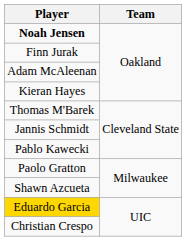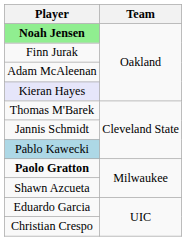 <table class="wikitable" style="text-align: center;">
 <tr>
 <th>Player</th>
 <th>Team</th>
 </tr>
 <tr>
-<td><strong>Noah Jensen</strong></td>
+<td style="background: lightgreen;"><strong>Noah Jensen</strong></td>
 <td rowspan=4>Oakland</td>
 </tr>
 <tr>
 <td>Finn Jurak</td>
 </tr>
 <tr>
 <td>Adam McAleenan</td>
 </tr>
 <tr>
-<td>Kieran Hayes</td>
+<td style="background: lavender;">Kieran Hayes</td>
 </tr>
 <tr>
 <td>Thomas M'Barek</td>
 <td rowspan=3>Cleveland State</td>
 </tr>
 <tr>
 <td>Jannis Schmidt</td>
 </tr>
 <tr>
-<td>Pablo Kawecki</td>
+<td style="background: lightblue;">Pablo Kawecki</td>
 </tr>
 <tr>
-<td>Paolo Gratton</td>
+<td><strong>Paolo Gratton</strong></td>
 <td rowspan=2>Milwaukee</td>
 </tr>
 <tr>
 <td>Shawn Azcueta</td>
 </tr>
 <tr>
-<td style="background: gold;">Eduardo Garcia</td>
+<td>Eduardo Garcia</td>
 <td rowspan=2>UIC</td>
 </tr>
 <tr>
 <td>Christian Crespo</td>
 </tr>
 </table>
